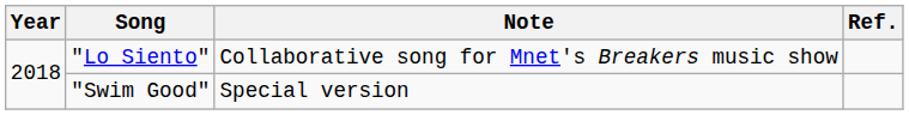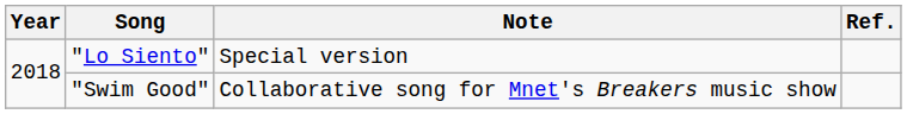 <table class="wikitable sortable">
 <tr>
 <th>Year</th>
 <th>Song</th>
 <th>Note</th>
 <th><abbr>Ref.</abbr></th>
 </tr>
 <tr>
 <td rowspan="2">2018</td>
 <td>"<a href='#'>Lo Siento</a>"</td>
-<td>Collaborative song for <a href='#'>Mnet</a>'s <em>Breakers</em> music show</td>
+<td>Special version</td>
 <td></td>
 </tr>
 <tr>
 <td>"Swim Good"</td>
-<td>Special version</td>
+<td>Collaborative song for <a href='#'>Mnet</a>'s <em>Breakers</em> music show</td>
 <td></td>
 </tr>
 </table>
